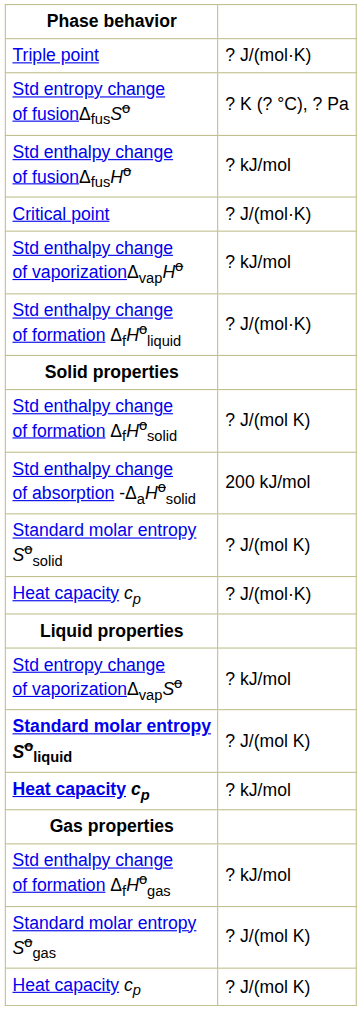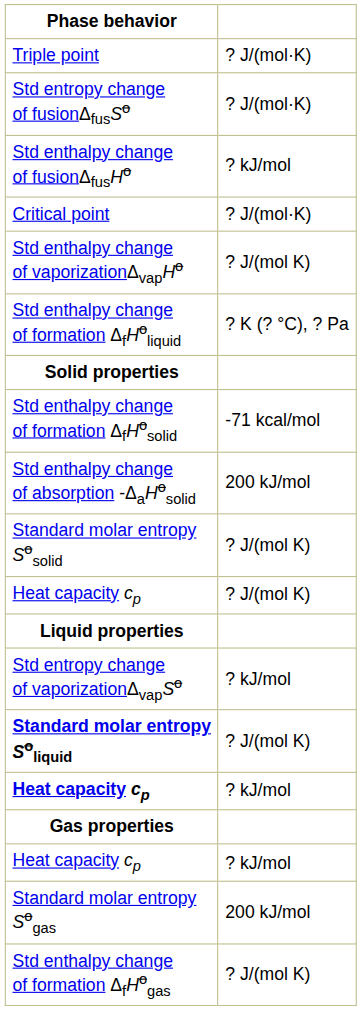 <table border="1" cellspacing="0" cellpadding="6" style="margin: 0 0 0 0.5em; background: #FFFFFF; border-collapse: collapse; border-color: #C0C090;">
 <tr>
 <th>Phase behavior</th>
 </tr>
 <tr>
 <td><a href='#'>Triple point</a></td>
 <td>? J/(mol·K)</td>
 </tr>
 <tr>
 <td><a href='#'>Std entropy change<br>of fusion</a>Δ<sub>fus</sub><em>S</em><sup><s>o</s></sup></td>
-<td>? K (? °C), ? Pa</td>
+<td>? J/(mol·K)</td>
 </tr>
 <tr>
 <td><a href='#'>Std enthalpy change<br>of fusion</a>Δ<sub>fus</sub><em>H</em><sup><s>o</s></sup></td>
 <td>? kJ/mol</td>
 </tr>
 <tr>
 <td><a href='#'>Critical point</a></td>
 <td>? J/(mol·K)</td>
 </tr>
 <tr>
 <td><a href='#'>Std enthalpy change<br>of vaporization</a>Δ<sub>vap</sub><em>H</em><sup><s>o</s></sup></td>
-<td>? kJ/mol</td>
+<td>? J/(mol K)</td>
 </tr>
 <tr>
 <td><a href='#'>Std enthalpy change<br>of formation</a> Δ<sub>f</sub><em>H</em><sup><s>o</s></sup><sub>liquid</sub></td>
-<td>? J/(mol·K)</td>
+<td>? K (? °C), ? Pa</td>
 </tr>
 <tr>
 <th>Solid properties</th>
 </tr>
 <tr>
 <td><a href='#'>Std enthalpy change<br>of formation</a> Δ<sub>f</sub><em>H</em><sup><s>o</s></sup><sub>solid</sub></td>
-<td>? J/(mol K)</td>
+<td>-71 kcal/mol</td>
 </tr>
 <tr>
 <td><a href='#'>Std enthalpy change<br>of absorption</a> -Δ<sub>a</sub><em>H</em><sup><s>o</s></sup><sub>solid</sub></td>
 <td>200 kJ/mol</td>
 </tr>
 <tr>
 <td><a href='#'>Standard molar entropy</a><br><em>S</em><sup><s>o</s></sup><sub>solid</sub></td>
 <td>? J/(mol K)</td>
 </tr>
 <tr>
 <td><a href='#'>Heat capacity</a> <em>c<sub>p</sub></em></td>
-<td>? J/(mol·K)</td>
+<td>? J/(mol K)</td>
 </tr>
 <tr>
 <th>Liquid properties</th>
 </tr>
 <tr>
 <td><a href='#'>Std entropy change<br>of vaporization</a>Δ<sub>vap</sub><em>S</em><sup><s>o</s></sup></td>
 <td>? kJ/mol</td>
 </tr>
 <tr>
 <td><strong><a href='#'>Standard molar entropy</a><br><em>S</em><sup><s>o</s></sup><sub>liquid</sub></strong></td>
 <td>? J/(mol K)</td>
 </tr>
 <tr>
 <td><strong><a href='#'>Heat capacity</a> <em>c<sub>p</sub></em></strong></td>
 <td>? kJ/mol</td>
 </tr>
 <tr>
 <th>Gas properties</th>
 </tr>
 <tr>
-<td><a href='#'>Std enthalpy change<br>of formation</a> Δ<sub>f</sub><em>H</em><sup><s>o</s></sup><sub>gas</sub></td>
+<td><a href='#'>Heat capacity</a> <em>c<sub>p</sub></em></td>
 <td>? kJ/mol</td>
 </tr>
 <tr>
 <td><a href='#'>Standard molar entropy</a><br><em>S</em><sup><s>o</s></sup><sub>gas</sub></td>
-<td>? J/(mol K)</td>
+<td>200 kJ/mol</td>
 </tr>
 <tr>
-<td><a href='#'>Heat capacity</a> <em>c<sub>p</sub></em></td>
+<td><a href='#'>Std enthalpy change<br>of formation</a> Δ<sub>f</sub><em>H</em><sup><s>o</s></sup><sub>gas</sub></td>
 <td>? J/(mol K)</td>
 </tr>
 <tr>
 </tr>
 </table>
